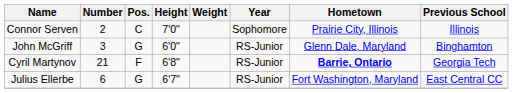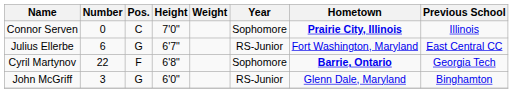 <table class="wikitable sortable sortable" style="text-align: center">
 <tr align=center>
 <th style="background:#">Name</th>
 <th style="background:#">Number</th>
 <th style="background:#">Pos.</th>
 <th style="background:#">Height</th>
 <th style="background:#">Weight</th>
 <th style="background:#">Year</th>
 <th style="background:#">Hometown</th>
 <th style="background:#">Previous School</th>
 </tr>
 <tr>
 <td>Connor Serven</td>
-<td>2</td>
+<td>0</td>
 <td>C</td>
 <td>7'0"</td>
 <td></td>
 <td>Sophomore</td>
-<td><a href='#'>Prairie City, Illinois</a></td>
+<td><strong><a href='#'>Prairie City, Illinois</a></strong></td>
 <td><a href='#'>Illinois</a></td>
+</tr>
+<tr>
+<td>Julius Ellerbe</td>
+<td>6</td>
+<td>G</td>
+<td>6'7"</td>
+<td></td>
+<td>RS-Junior</td>
+<td><a href='#'>Fort Washington, Maryland</a></td>
+<td><a href='#'>East Central CC</a></td>
+</tr>
+<tr>
+<td>Cyril Martynov</td>
+<td>22</td>
+<td>F</td>
+<td>6'8"</td>
+<td></td>
+<td>Sophomore</td>
+<td><strong><a href='#'>Barrie, Ontario</a></strong></td>
+<td><a href='#'>Georgia Tech</a></td>
 </tr>
 <tr>
 <td>John McGriff</td>
 <td>3</td>
 <td>G</td>
 <td>6'0"</td>
 <td></td>
 <td>RS-Junior</td>
 <td><a href='#'>Glenn Dale, Maryland</a></td>
 <td><a href='#'>Binghamton</a></td>
 </tr>
 <tr>
-<td>Cyril Martynov</td>
-<td>21</td>
-<td>F</td>
-<td>6'8"</td>
-<td></td>
-<td>RS-Junior</td>
-<td><strong><a href='#'>Barrie, Ontario</a></strong></td>
-<td><a href='#'>Georgia Tech</a></td>
-</tr>
-<tr>
-<td>Julius Ellerbe</td>
-<td>6</td>
-<td>G</td>
-<td>6'7"</td>
-<td></td>
-<td>RS-Junior</td>
-<td><a href='#'>Fort Washington, Maryland</a></td>
-<td><a href='#'>East Central CC</a></td>
-</tr>
-<tr>
 </tr>
 </table>
